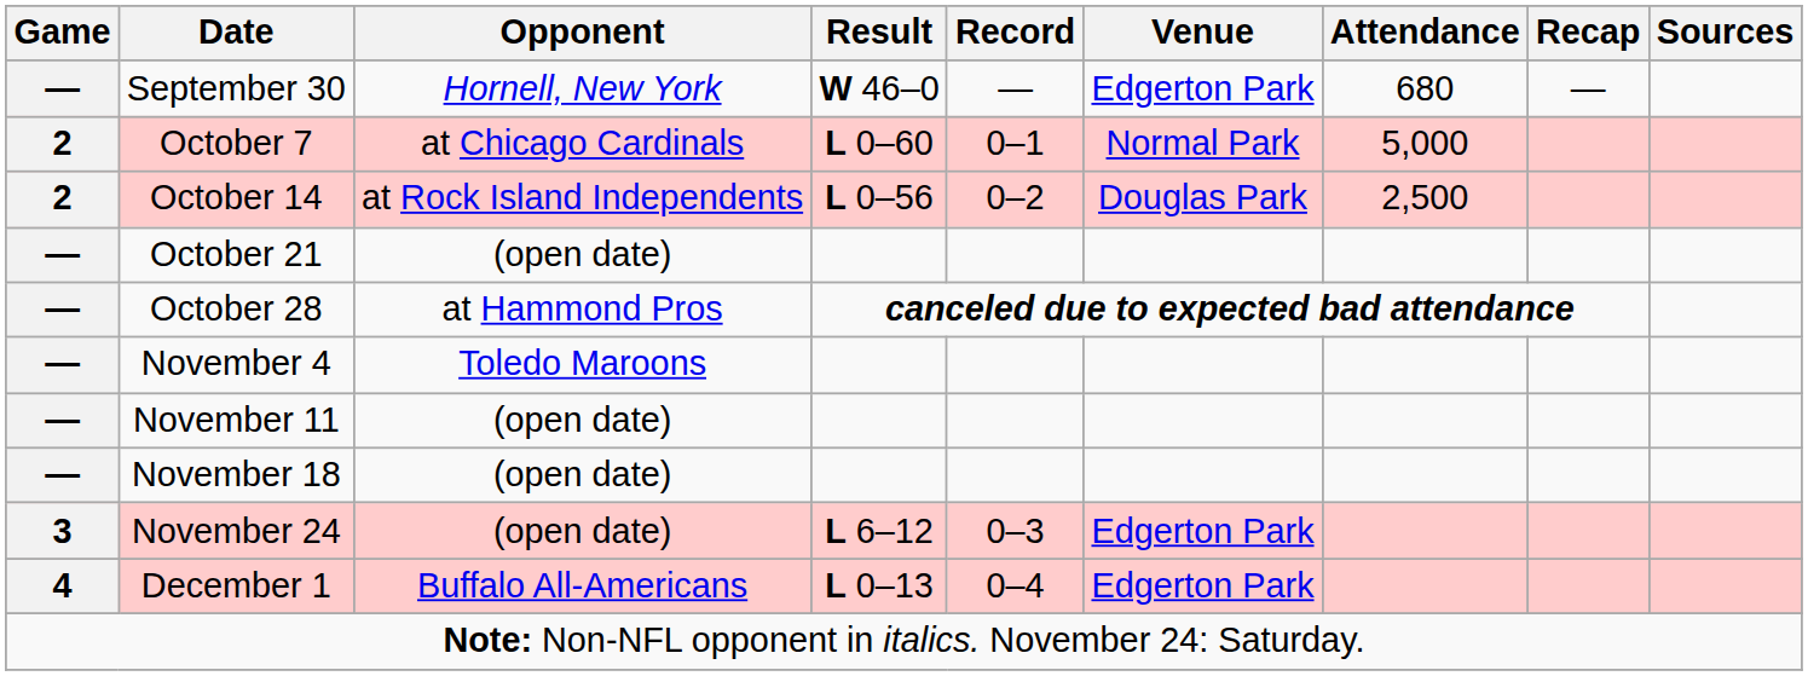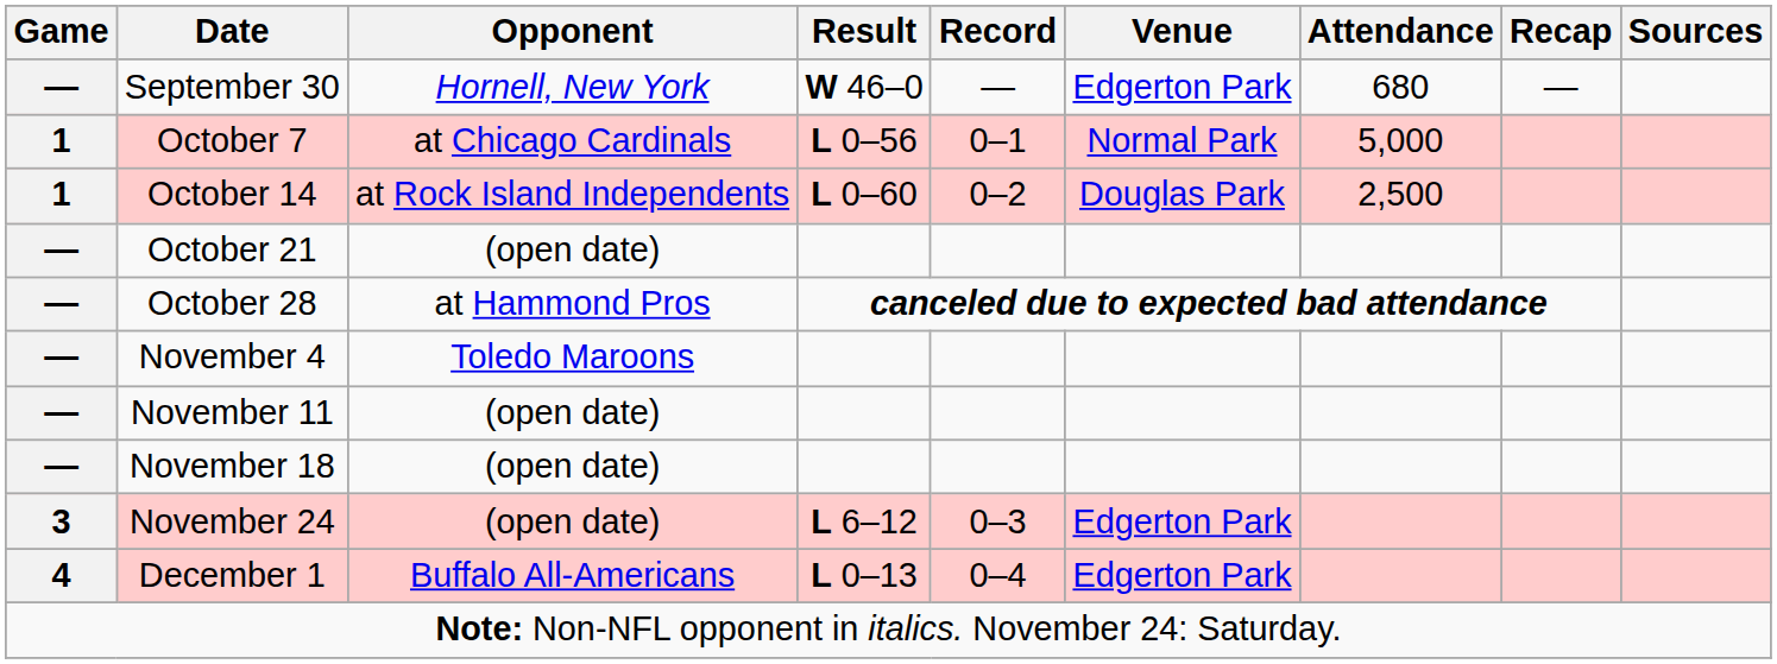 <table class="wikitable" style="text-align:center">
 <tr>
 <th>Game</th>
 <th>Date</th>
 <th>Opponent</th>
 <th>Result</th>
 <th>Record</th>
 <th>Venue</th>
 <th>Attendance</th>
 <th>Recap</th>
 <th>Sources</th>
 </tr>
 <tr>
 <th>—</th>
 <td>September 30</td>
 <td><em><a href='#'>Hornell, New York</a></em></td>
 <td><strong>W</strong> 46–0</td>
 <td>—</td>
 <td><a href='#'>Edgerton Park</a></td>
 <td>680</td>
 <td>—</td>
 <td></td>
 </tr>
 <tr style="background:#fcc">
-<th>2</th>
+<th>1</th>
 <td>October 7</td>
 <td>at <a href='#'>Chicago Cardinals</a></td>
-<td><strong>L</strong> 0–60</td>
+<td><strong>L</strong> 0–56</td>
 <td>0–1</td>
 <td><a href='#'>Normal Park</a></td>
 <td>5,000</td>
 <td></td>
 <td></td>
 </tr>
 <tr style="background:#fcc">
-<th>2</th>
+<th>1</th>
 <td>October 14</td>
 <td>at <a href='#'>Rock Island Independents</a></td>
-<td><strong>L</strong> 0–56</td>
+<td><strong>L</strong> 0–60</td>
 <td>0–2</td>
 <td><a href='#'>Douglas Park</a></td>
 <td>2,500</td>
 <td></td>
 <td></td>
 </tr>
 <tr>
 <th>—</th>
 <td>October 21</td>
 <td>(open date)</td>
 <td></td>
 <td></td>
 <td></td>
 <td></td>
 <td></td>
 <td></td>
 </tr>
 <tr>
 <th>—</th>
 <td>October 28</td>
 <td>at <a href='#'>Hammond Pros</a></td>
 <td colspan="5"><strong><em>canceled due to expected bad attendance</em></strong></td>
 <td></td>
 </tr>
 <tr>
 <th>—</th>
 <td>November 4</td>
 <td><a href='#'>Toledo Maroons</a></td>
 <td></td>
 <td></td>
 <td></td>
 <td></td>
 <td></td>
 <td></td>
 </tr>
 <tr>
 <th>—</th>
 <td>November 11</td>
 <td>(open date)</td>
 <td></td>
 <td></td>
 <td></td>
 <td></td>
 <td></td>
 <td></td>
 </tr>
 <tr>
 <th>—</th>
 <td>November 18</td>
 <td>(open date)</td>
 <td></td>
 <td></td>
 <td></td>
 <td></td>
 <td></td>
 <td></td>
 </tr>
 <tr style="background:#fcc">
 <th>3</th>
 <td>November 24</td>
 <td>(open date)</td>
 <td><strong>L</strong> 6–12</td>
 <td>0–3</td>
 <td><a href='#'>Edgerton Park</a></td>
 <td></td>
 <td></td>
 <td></td>
 </tr>
 <tr style="background:#fcc">
 <th>4</th>
 <td>December 1</td>
 <td><a href='#'>Buffalo All-Americans</a></td>
 <td><strong>L</strong> 0–13</td>
 <td>0–4</td>
 <td><a href='#'>Edgerton Park</a></td>
 <td></td>
 <td></td>
 <td></td>
 </tr>
 <tr>
 <td colspan="10"><strong>Note:</strong> Non-NFL opponent in <em>italics.</em> November 24: Saturday.</td>
 </tr>
 </table>
